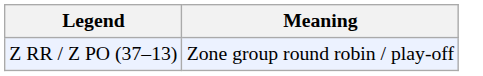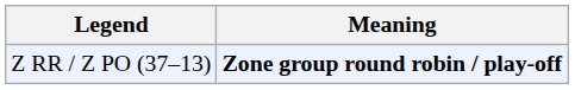 <table class="wikitable" style="font-size:90%">
 <tr>
 <th>Legend</th>
 <th>Meaning</th>
 </tr>
 <tr bgcolor="ecf2ff">
 <td>Z RR / Z PO (37–13)</td>
-<td>Zone group round robin / play-off</td>
+<td><strong>Zone group round robin / play-off</strong></td>
 </tr>
 </table>
